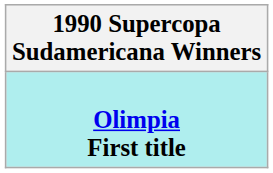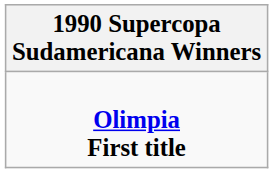 <table class="wikitable" style="text-align: center; margin: 0 auto;">
 <tr>
 <th>1990 Supercopa<br>Sudamericana Winners</th>
 </tr>
 <tr>
-<td style="background: paleturquoise;"><br><strong><a href='#'>Olimpia</a></strong><br><strong>First title</strong></td>
+<td><br><strong><a href='#'>Olimpia</a></strong><br><strong>First title</strong></td>
 </tr>
 </table>
